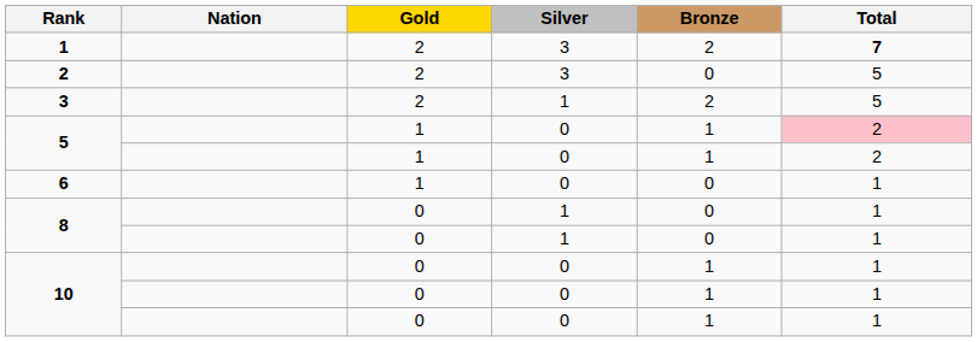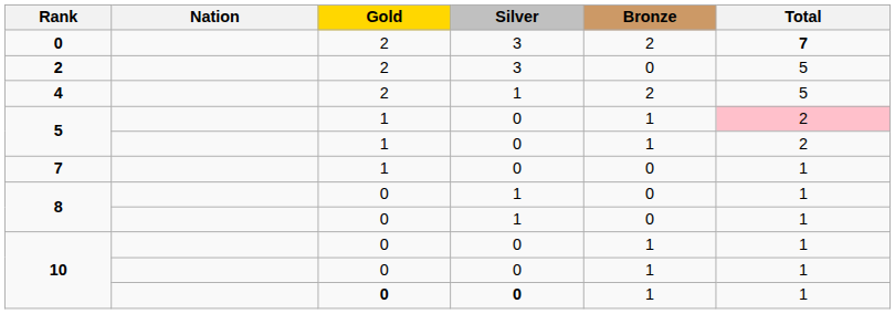 <table class="wikitable sortable collapsible autocollapse plainrowheaders" width="70.5%" style="text-align:center;">
 <tr style="background-color:#EDEDED;">
 <th width=100px class="hintergrundfarbe5">Rank</th>
 <th width=200px class="hintergrundfarbe6">Nation</th>
 <th style="background:    gold; width:15%">Gold</th>
 <th style="background:  silver; width:15%">Silver</th>
 <th style="background: #CC9966; width:15%">Bronze</th>
 <th>Total</th>
 </tr>
 <tr>
-<td><strong>1</strong></td>
+<td><strong>0</strong></td>
 <td align="left"></td>
 <td>2</td>
 <td>3</td>
 <td>2</td>
 <td><strong>7</strong></td>
 </tr>
 <tr>
 <td><strong>2</strong></td>
 <td align="left"></td>
 <td>2</td>
 <td>3</td>
 <td>0</td>
 <td>5</td>
 </tr>
 <tr>
-<td><strong>3</strong></td>
+<td><strong>4</strong></td>
 <td align=left></td>
 <td>2</td>
 <td>1</td>
 <td>2</td>
 <td>5</td>
 </tr>
 <tr>
 <td rowspan="2"><strong>5</strong></td>
 <td align=left></td>
 <td>1</td>
 <td>0</td>
 <td>1</td>
 <td style="background: pink;">2</td>
 </tr>
 <tr>
 <td align="left"></td>
 <td>1</td>
 <td>0</td>
 <td>1</td>
 <td>2</td>
 </tr>
 <tr>
-<td><strong>6</strong></td>
+<td><strong>7</strong></td>
 <td align="left"></td>
 <td>1</td>
 <td>0</td>
 <td>0</td>
 <td>1</td>
 </tr>
 <tr>
 <td rowspan="2"><strong>8</strong></td>
 <td align="left"></td>
 <td>0</td>
 <td>1</td>
 <td>0</td>
 <td>1</td>
 </tr>
 <tr>
 <td align="left"><em></em></td>
 <td>0</td>
 <td>1</td>
 <td>0</td>
 <td>1</td>
 </tr>
 <tr>
 <td rowspan="3"><strong>10</strong></td>
 <td align="left"></td>
 <td>0</td>
 <td>0</td>
 <td>1</td>
 <td>1</td>
 </tr>
 <tr>
 <td align="left"> </td>
 <td>0</td>
 <td>0</td>
 <td>1</td>
 <td>1</td>
 </tr>
 <tr>
 <td align="left"></td>
-<td>0</td>
-<td>0</td>
+<td><strong>0</strong></td>
+<td><strong>0</strong></td>
 <td>1</td>
 <td>1</td>
 </tr>
 </table>
